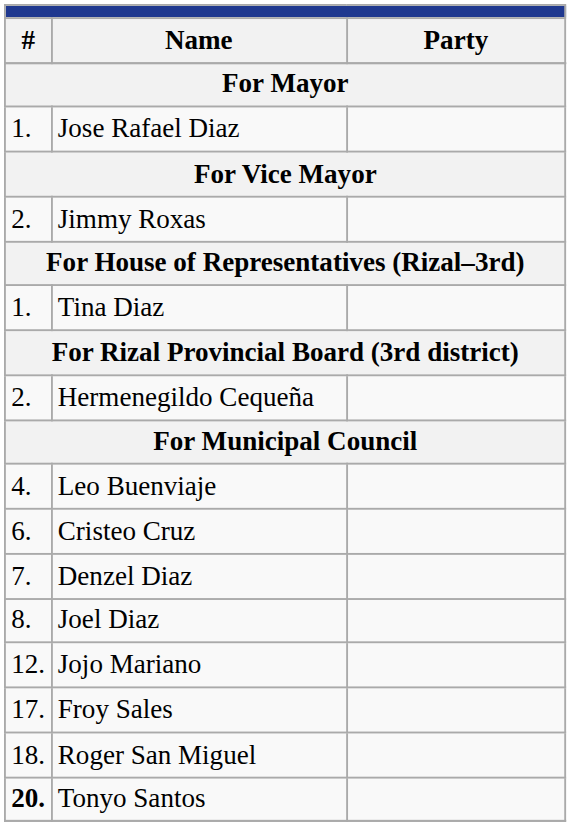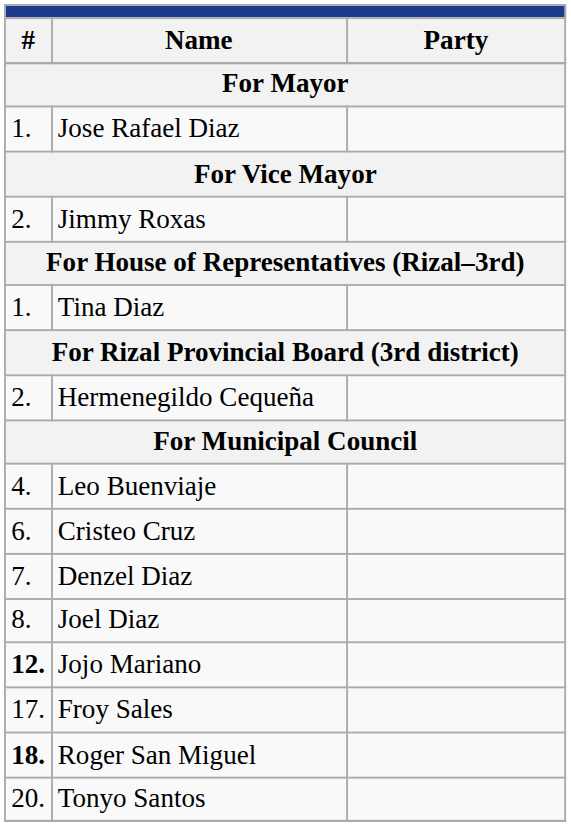 <table class="wikitable" style="font-size:90%">
 <tr>
 <td colspan="4" bgcolor="#1f388f"></td>
 </tr>
 <tr>
 <th>#</th>
 <th width=150px>Name</th>
 <th colspan=2 width=110px>Party</th>
 </tr>
 <tr>
 </tr>
 <tr>
 <th colspan="4">For Mayor</th>
 </tr>
 <tr>
 <td>1.</td>
 <td>Jose Rafael Diaz</td>
 <td></td>
 </tr>
 <tr>
 <th colspan="4">For Vice Mayor</th>
 </tr>
 <tr>
 <td>2.</td>
 <td>Jimmy Roxas</td>
 <td></td>
 </tr>
 <tr>
 <th colspan="4">For House of Representatives (Rizal–3rd)</th>
 </tr>
 <tr>
 <td>1.</td>
 <td>Tina Diaz</td>
 <td></td>
 </tr>
 <tr>
 <th colspan="4">For Rizal Provincial Board (3rd district)</th>
 </tr>
 <tr>
 <td>2.</td>
 <td>Hermenegildo Cequeña</td>
 <td></td>
 </tr>
 <tr>
 <th colspan="4">For Municipal Council</th>
 </tr>
 <tr>
 <td>4.</td>
 <td>Leo Buenviaje</td>
 <td></td>
 </tr>
 <tr>
 <td>6.</td>
 <td>Cristeo Cruz</td>
 <td></td>
 </tr>
 <tr>
 <td>7.</td>
 <td>Denzel Diaz</td>
 <td></td>
 </tr>
 <tr>
 <td>8.</td>
 <td>Joel Diaz</td>
 <td></td>
 </tr>
 <tr>
-<td>12.</td>
+<td><strong>12.</strong></td>
 <td>Jojo Mariano</td>
 <td></td>
 </tr>
 <tr>
 <td>17.</td>
 <td>Froy Sales</td>
 <td></td>
 </tr>
 <tr>
-<td>18.</td>
+<td><strong>18.</strong></td>
 <td>Roger San Miguel</td>
 <td></td>
 </tr>
 <tr>
-<td><strong>20.</strong></td>
+<td>20.</td>
 <td>Tonyo Santos</td>
 <td></td>
 </tr>
 <tr>
 </tr>
 </table>
